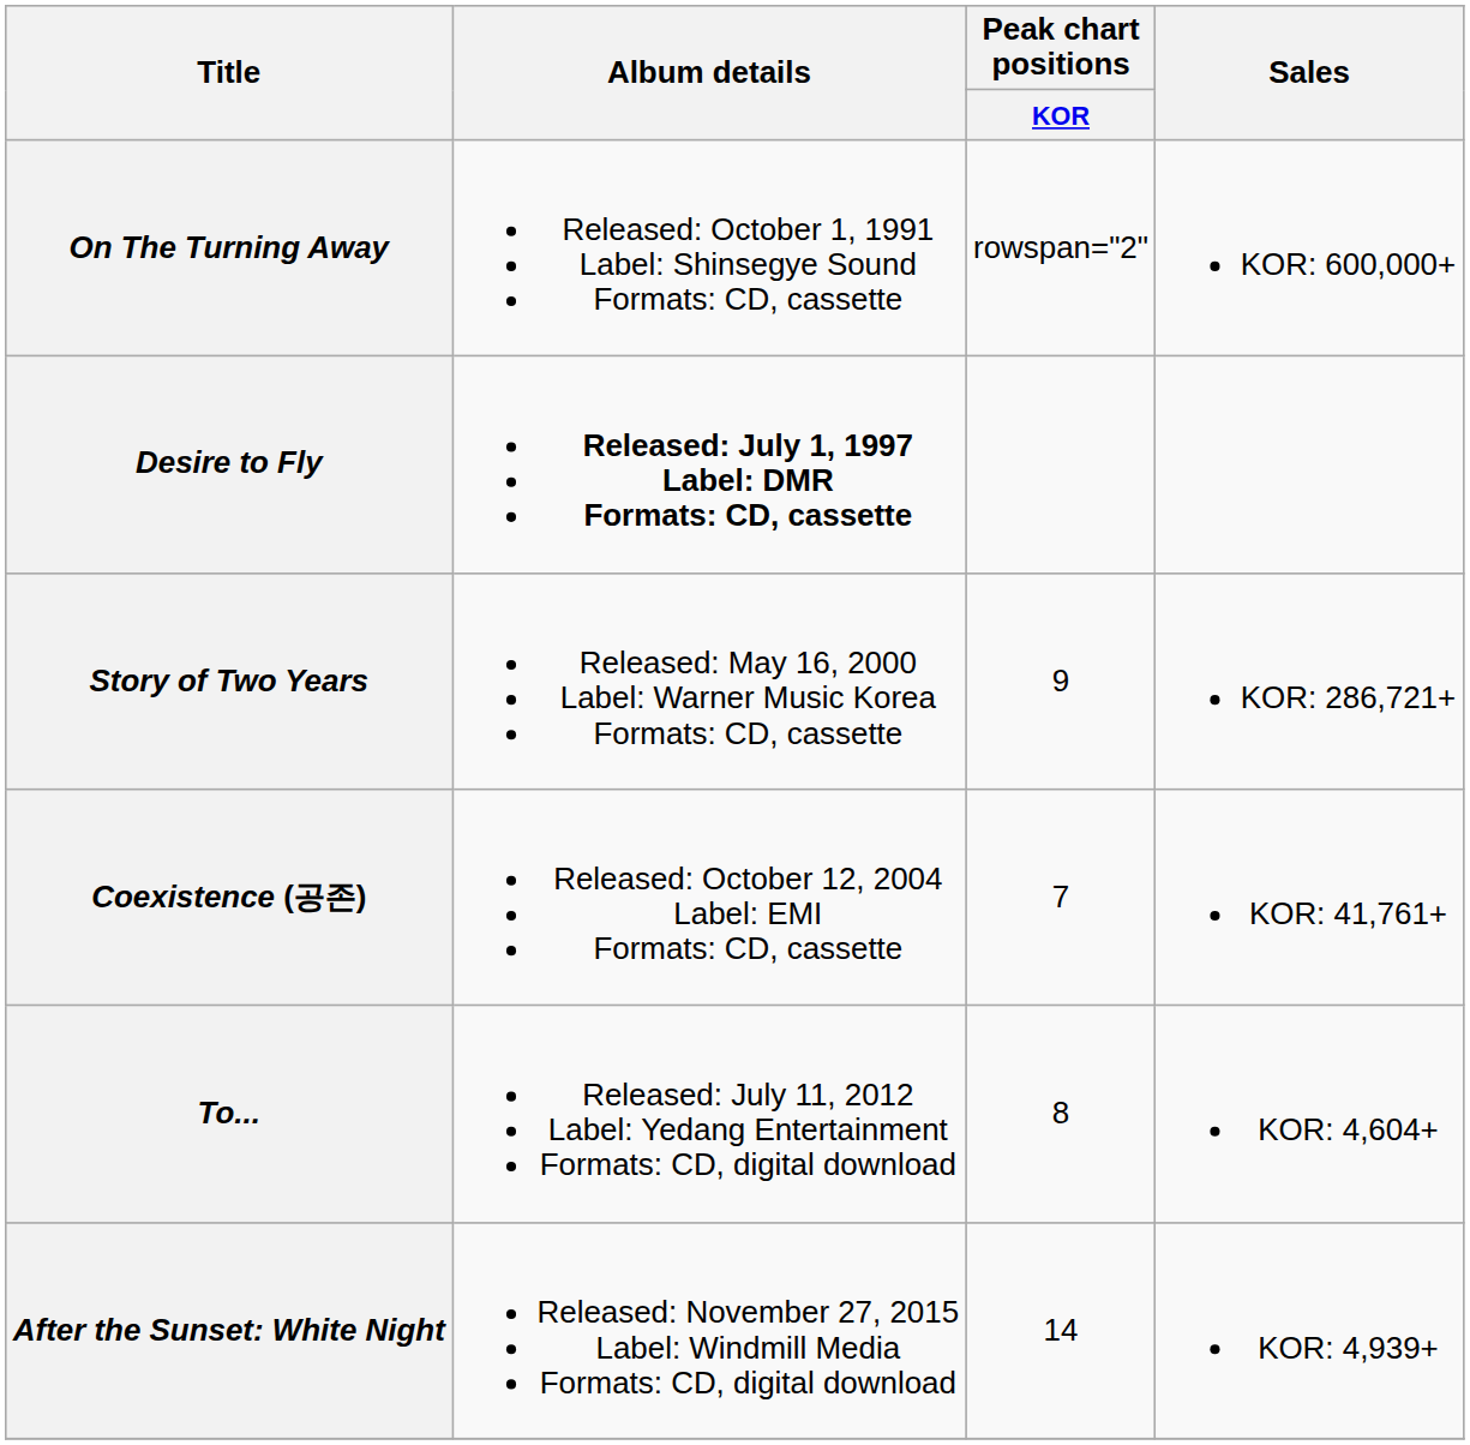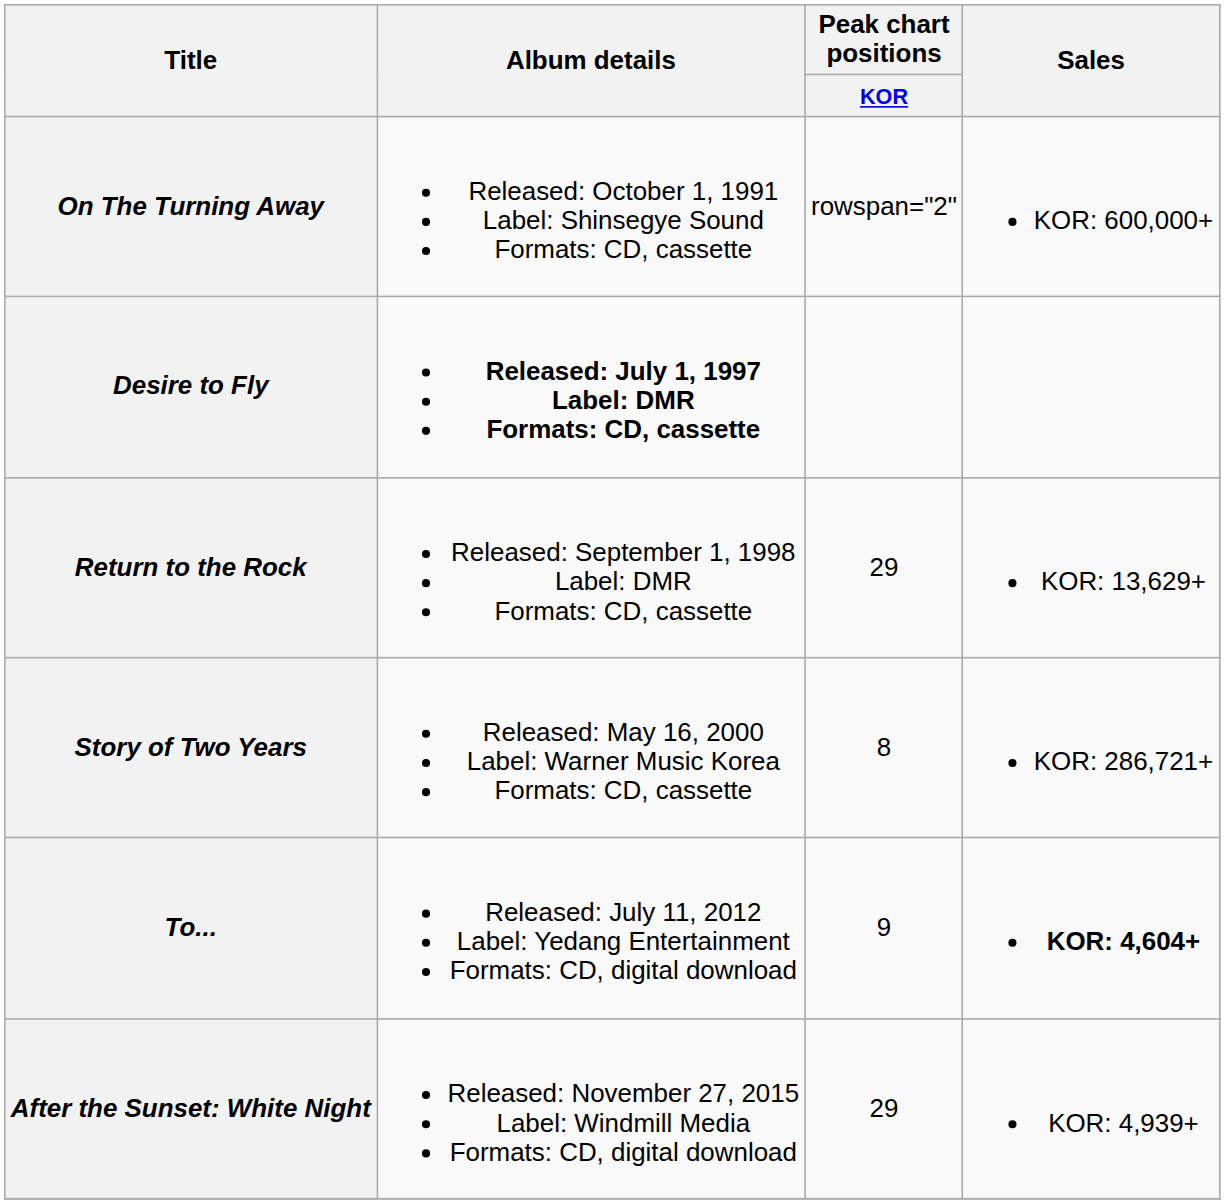 <table class="wikitable plainrowheaders" style="text-align:center;">
 <tr>
 <th scope="col" rowspan="2">Title</th>
 <th scope="col" rowspan="2">Album details</th>
 <th scope="col" colspan="1" style="width:5em;">Peak chart positions</th>
 <th scope="col" rowspan="2">Sales</th>
 </tr>
 <tr>
 <th><small><a href='#'>KOR</a></small><br></th>
 </tr>
 <tr>
 <th scope="row"><em>On The Turning Away</em></th>
 <td><br><ul><li>Released: October 1, 1991</li><li>Label: Shinsegye Sound</li><li>Formats: CD, cassette</li></ul></td>
 <td>rowspan="2" </td>
 <td><br><ul><li>KOR: 600,000+</li></ul></td>
 </tr>
 <tr>
 <th scope="row"><em>Desire to Fly</em></th>
 <td><strong><br><ul><li>Released: July 1, 1997</li><li>Label: DMR</li><li>Formats: CD, cassette</li></ul></strong></td>
 <td></td>
 </tr>
 <tr>
+<th scope="row"><em>Return to the Rock</em></th>
+<td><br><ul><li>Released: September 1, 1998</li><li>Label: DMR</li><li>Formats: CD, cassette</li></ul></td>
+<td>29</td>
+<td><br><ul><li>KOR: 13,629+</li></ul></td>
+</tr>
+<tr>
 <th scope="row"><em>Story of Two Years</em></th>
 <td><br><ul><li>Released: May 16, 2000</li><li>Label: Warner Music Korea</li><li>Formats: CD, cassette</li></ul></td>
-<td>9</td>
+<td>8</td>
 <td><br><ul><li>KOR: 286,721+</li></ul></td>
-</tr>
-<tr>
-<th scope="row"><em>Coexistence</em> (공존)</th>
-<td><br><ul><li>Released: October 12, 2004</li><li>Label: EMI</li><li>Formats: CD, cassette</li></ul></td>
-<td>7</td>
-<td><br><ul><li>KOR: 41,761+</li></ul></td>
 </tr>
 <tr>
 <th scope="row"><em>To...</em></th>
 <td><br><ul><li>Released: July 11, 2012</li><li>Label: Yedang Entertainment</li><li>Formats: CD, digital download</li></ul></td>
-<td>8</td>
-<td><br><ul><li>KOR: 4,604+</li></ul></td>
+<td>9</td>
+<td><strong><br><ul><li>KOR: 4,604+</li></ul></strong></td>
 </tr>
 <tr>
 <th scope="row"><em>After the Sunset: White Night</em></th>
 <td><br><ul><li>Released: November 27, 2015</li><li>Label: Windmill Media</li><li>Formats: CD, digital download</li></ul></td>
-<td>14</td>
+<td>29</td>
 <td><br><ul><li>KOR: 4,939+</li></ul></td>
 </tr>
 <tr>
 </tr>
 </table>
